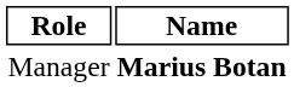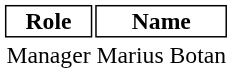 <table class="toccolours">
 <tr>
 <th style="background:#FFFFFF;color:#000000;border:1px solid #000000;">Role</th>
 <th style="background:#FFFFFF;color:#000000;border:1px solid #000000;">Name</th>
 </tr>
 <tr>
 <td>Manager</td>
-<td><strong> Marius Botan</strong></td>
+<td> Marius Botan</td>
 </tr>
 </table>
